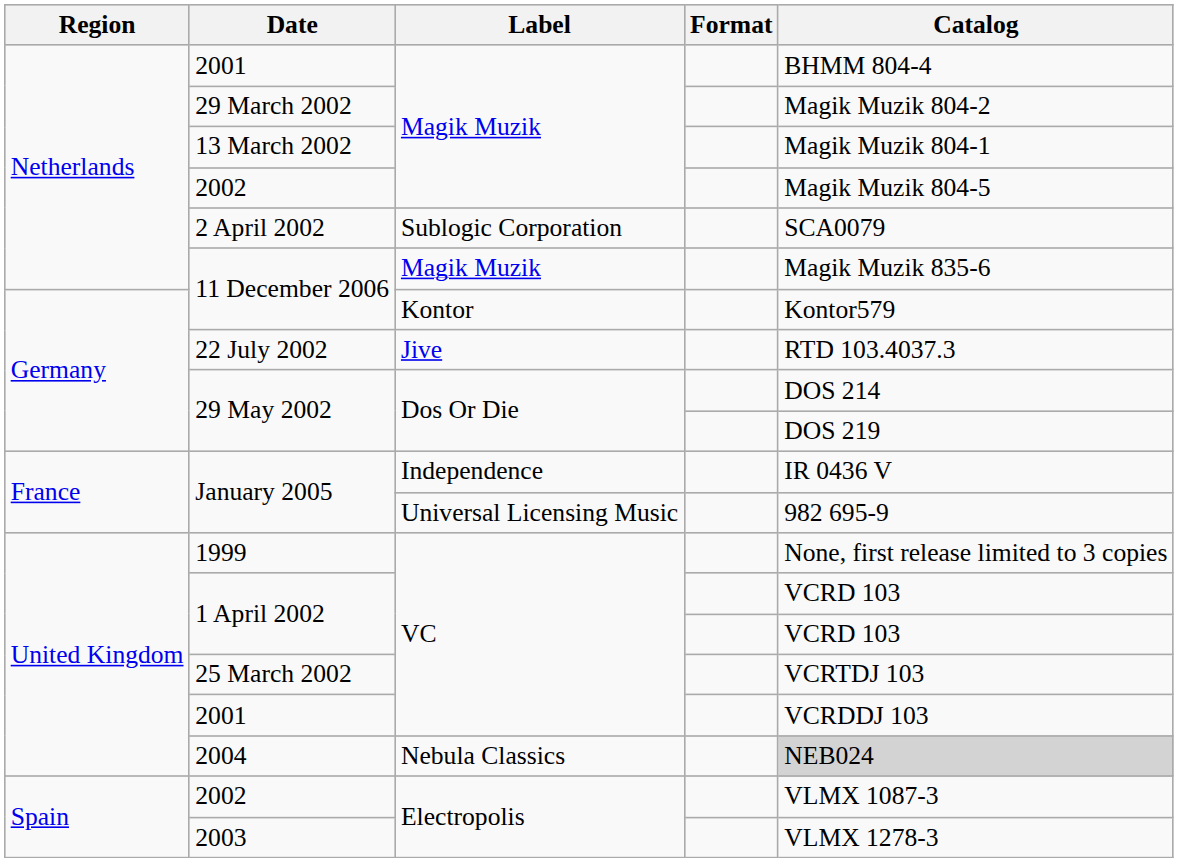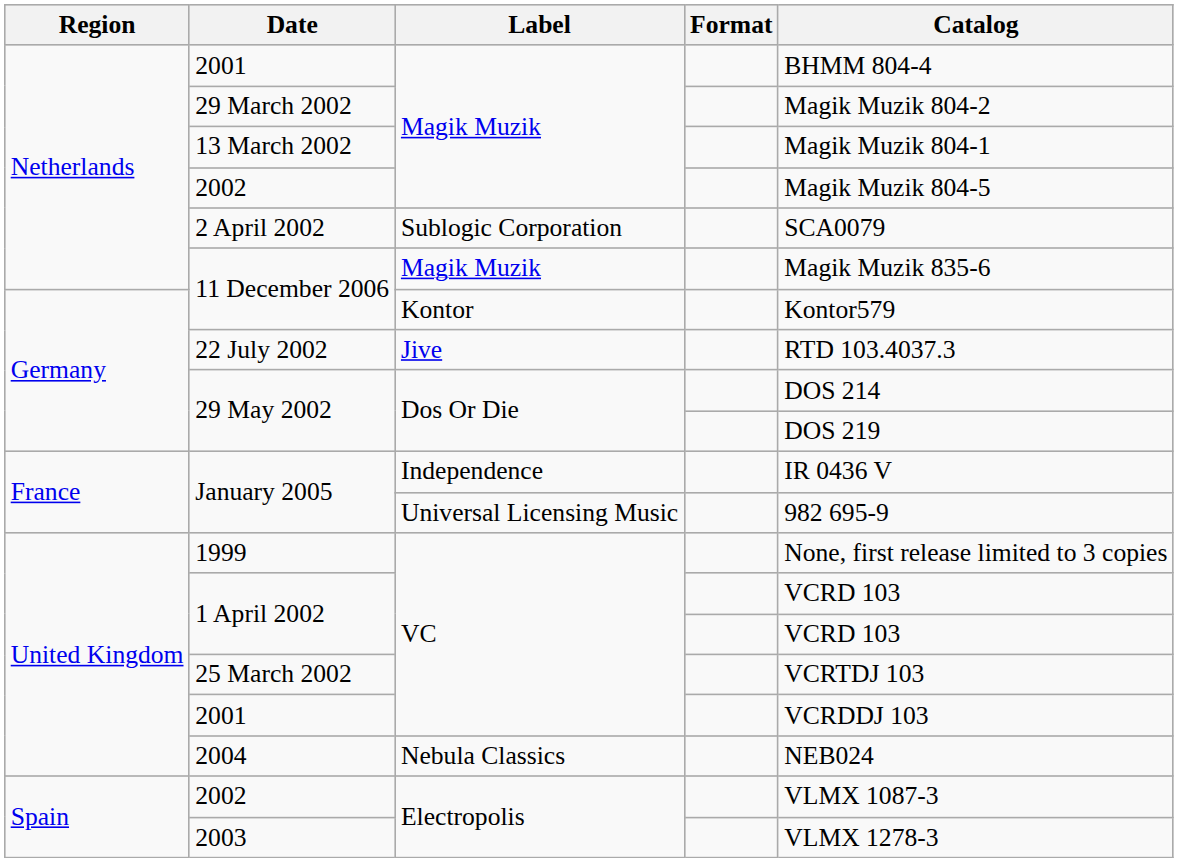 <table class="wikitable">
 <tr>
 <th>Region</th>
 <th>Date</th>
 <th>Label</th>
 <th>Format</th>
 <th>Catalog</th>
 </tr>
 <tr>
 <td rowspan="6"><a href='#'>Netherlands</a></td>
 <td>2001</td>
 <td rowspan="4"><a href='#'>Magik Muzik</a></td>
 <td></td>
 <td>BHMM 804-4</td>
 </tr>
 <tr>
 <td>29 March 2002</td>
 <td></td>
 <td>Magik Muzik 804-2</td>
 </tr>
 <tr>
 <td>13 March 2002</td>
 <td></td>
 <td>Magik Muzik 804-1</td>
 </tr>
 <tr>
 <td>2002</td>
 <td></td>
 <td>Magik Muzik 804-5</td>
 </tr>
 <tr>
 <td>2 April 2002</td>
 <td>Sublogic Corporation</td>
 <td></td>
 <td>SCA0079</td>
 </tr>
 <tr>
 <td rowspan="2">11 December 2006</td>
 <td><a href='#'>Magik Muzik</a></td>
 <td></td>
 <td>Magik Muzik 835-6</td>
 </tr>
 <tr>
 <td rowspan="4"><a href='#'>Germany</a></td>
 <td>Kontor</td>
 <td></td>
 <td>Kontor579</td>
 </tr>
 <tr>
 <td>22 July 2002</td>
 <td><a href='#'>Jive</a></td>
 <td></td>
 <td>RTD 103.4037.3</td>
 </tr>
 <tr>
 <td rowspan="2">29 May 2002</td>
 <td rowspan="2">Dos Or Die</td>
 <td></td>
 <td>DOS 214</td>
 </tr>
 <tr>
 <td></td>
 <td>DOS 219</td>
 </tr>
 <tr>
 <td rowspan="2"><a href='#'>France</a></td>
 <td rowspan="2">January 2005</td>
 <td>Independence</td>
 <td></td>
 <td>IR 0436 V</td>
 </tr>
 <tr>
 <td>Universal Licensing Music </td>
 <td></td>
 <td>982 695-9</td>
 </tr>
 <tr>
 <td rowspan="6"><a href='#'>United Kingdom</a></td>
 <td>1999</td>
 <td rowspan="5">VC</td>
 <td></td>
 <td>None, first release limited to 3 copies</td>
 </tr>
 <tr>
 <td rowspan="2">1 April 2002</td>
 <td></td>
 <td>VCRD 103</td>
 </tr>
 <tr>
 <td></td>
 <td>VCRD 103</td>
 </tr>
 <tr>
 <td>25 March 2002</td>
 <td></td>
 <td>VCRTDJ 103</td>
 </tr>
 <tr>
 <td>2001</td>
 <td></td>
 <td>VCRDDJ 103</td>
 </tr>
 <tr>
 <td>2004</td>
 <td>Nebula Classics</td>
 <td></td>
-<td style="background: lightgrey;">NEB024</td>
+<td>NEB024</td>
 </tr>
 <tr>
 <td rowspan="2"><a href='#'>Spain</a></td>
 <td>2002</td>
 <td rowspan="2">Electropolis</td>
 <td></td>
 <td>VLMX 1087-3</td>
 </tr>
 <tr>
 <td>2003</td>
 <td></td>
 <td>VLMX 1278-3</td>
 </tr>
 </table>
